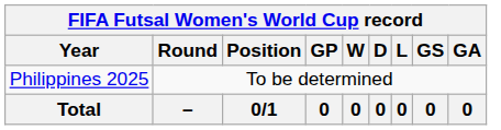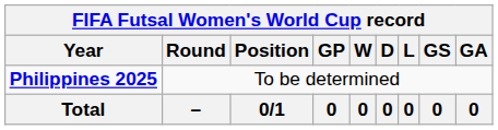 <table class="wikitable" style="text-align: center;font-size:90%;">
 <tr>
 <th colspan=9><a href='#'>FIFA Futsal Women's World Cup</a> record</th>
 </tr>
 <tr>
 <th>Year</th>
 <th>Round</th>
 <th>Position</th>
 <th>GP</th>
 <th>W</th>
 <th>D</th>
 <th>L</th>
 <th>GS</th>
 <th>GA</th>
 </tr>
 <tr>
-<td><a href='#'>Philippines 2025</a></td>
+<td><strong><a href='#'>Philippines 2025</a></strong></td>
 <td colspan=8>To be determined</td>
 </tr>
 <tr>
 <th><strong>Total</strong></th>
 <th>–</th>
 <th><strong>0/1</strong></th>
 <th><strong>0</strong></th>
 <th><strong>0</strong></th>
 <th><strong>0</strong></th>
 <th><strong>0</strong></th>
 <th><strong>0</strong></th>
 <th><strong>0</strong></th>
 </tr>
 </table>
